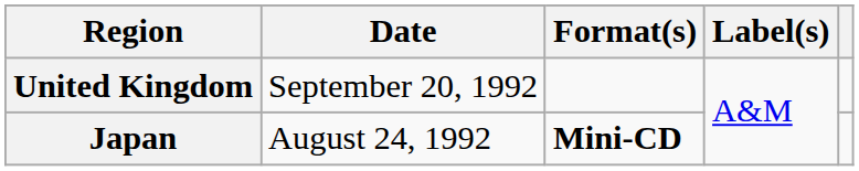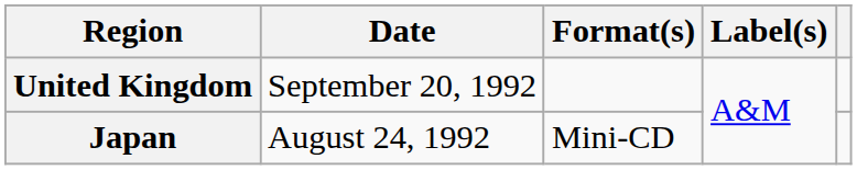 <table class="wikitable plainrowheaders">
 <tr>
 <th scope="col">Region</th>
 <th scope="col">Date</th>
 <th scope="col">Format(s)</th>
 <th scope="col">Label(s)</th>
 <th scope="col"></th>
 </tr>
 <tr>
 <th scope="row">United Kingdom</th>
 <td>September 20, 1992</td>
 <td></td>
 <td rowspan="2"><a href='#'>A&M</a></td>
 <td></td>
 </tr>
 <tr>
 <th scope="row">Japan</th>
 <td>August 24, 1992</td>
-<td><strong>Mini-CD</strong></td>
+<td>Mini-CD</td>
 <td></td>
 </tr>
 </table>
